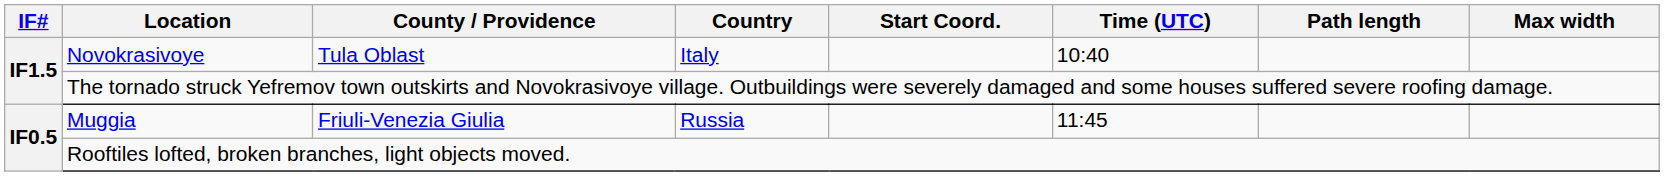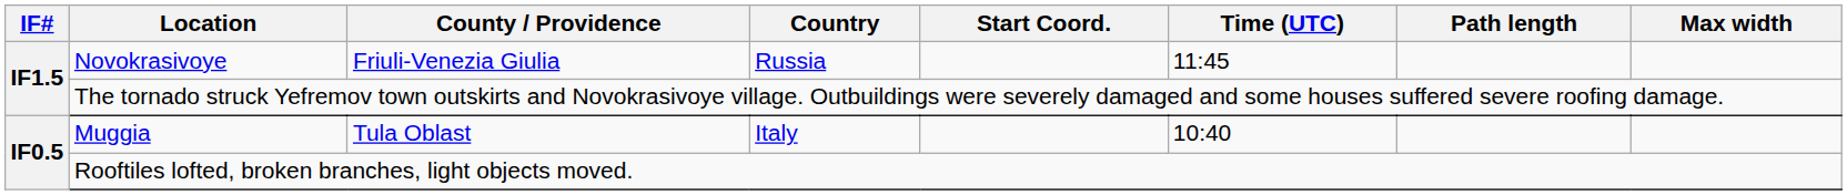 <table class="wikitable sortable" style="width:100%;">
 <tr>
 <th scope="col" width="2%" align="center"><a href='#'>IF#</a></th>
 <th scope="col" align="center" class="unsortable">Location</th>
 <th scope="col" align="center" class="unsortable">County / Providence</th>
 <th scope="col" align="center">Country</th>
 <th scope="col" align="center">Start Coord.</th>
 <th scope="col" align="center">Time (<a href='#'>UTC</a>)</th>
 <th scope="col" align="center">Path length</th>
 <th scope="col" align="center">Max width</th>
 </tr>
 <tr>
 <th scope="row" rowspan="2" style="background-color:#">IF1.5</th>
 <td><a href='#'>Novokrasivoye</a></td>
-<td><a href='#'>Tula Oblast</a></td>
-<td><a href='#'>Italy</a></td>
+<td><a href='#'>Friuli-Venezia Giulia</a></td>
+<td><a href='#'>Russia</a></td>
 <td></td>
-<td>10:40</td>
+<td>11:45</td>
 <td></td>
 <td></td>
 </tr>
 <tr class="expand-child">
 <td colspan="8" style=" border-bottom: 1px solid black;">The tornado struck Yefremov town outskirts and Novokrasivoye village. Outbuildings were severely damaged and some houses suffered severe roofing damage.</td>
 </tr>
 <tr>
 <th scope="row" rowspan="2" style="background-color:#">IF0.5</th>
 <td><a href='#'>Muggia</a></td>
-<td><a href='#'>Friuli-Venezia Giulia</a></td>
-<td><a href='#'>Russia</a></td>
+<td><a href='#'>Tula Oblast</a></td>
+<td><a href='#'>Italy</a></td>
 <td></td>
-<td>11:45</td>
+<td>10:40</td>
 <td></td>
 <td></td>
 </tr>
 <tr class="expand-child">
 <td colspan="8" style=" border-bottom: 1px solid black;">Rooftiles lofted, broken branches, light objects moved.</td>
 </tr>
 </table>
